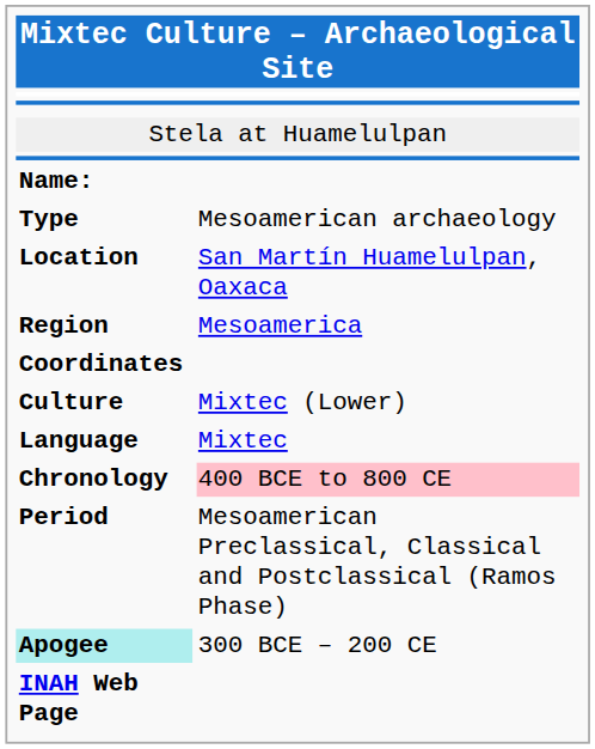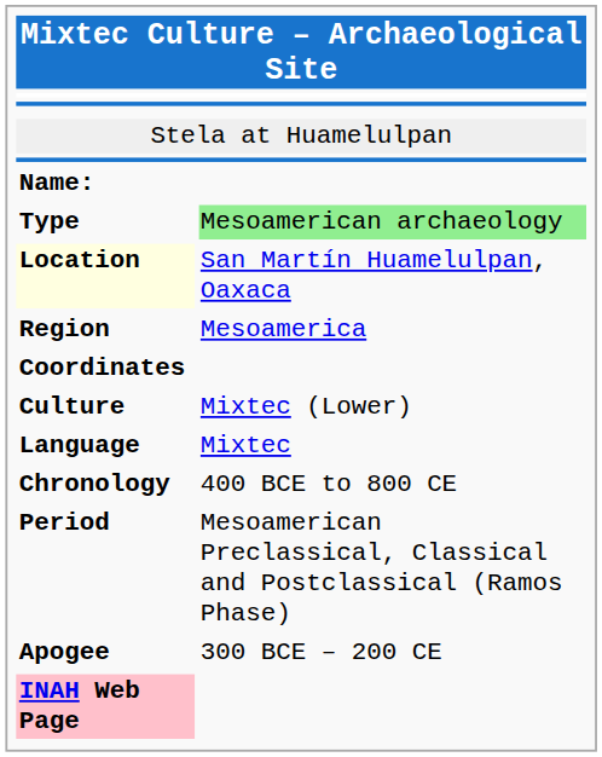 <table class="infobox" style="font-size:90%; text-align:left; width:23.5em">
 <tr>
 <th colspan="3" style="background-color:#1874CD; color:white; font-size: larger; text-align:center;">Mixtec Culture – Archaeological Site</th>
 </tr>
 <tr style="vertical-align: top; text-align: center;">
 <td colspan=3 bgcolor="#FFFFFF" align="center"></td>
 </tr>
 <tr>
 <td colspan="2" bgcolor=#1874CD></td>
 </tr>
 <tr>
 <td colspan=2></td>
 </tr>
 <tr>
 <td style="background:#efefef; text-align:center;" colspan="2"> Stela at Huamelulpan</td>
 </tr>
 <tr>
 <td colspan="2" bgcolor=#1874CD></td>
 </tr>
 <tr>
 <td><strong>Name:</strong></td>
 <td></td>
 </tr>
 <tr>
 <td><strong>Type</strong></td>
-<td>Mesoamerican archaeology</td>
+<td style="background: lightgreen;">Mesoamerican archaeology</td>
 </tr>
 <tr>
-<td><strong>Location</strong></td>
+<td style="background: lightyellow;"><strong>Location</strong></td>
 <td><a href='#'>San Martín Huamelulpan</a>, <a href='#'>Oaxaca</a><br></td>
 </tr>
 <tr>
 <td><strong>Region</strong></td>
 <td><a href='#'>Mesoamerica</a></td>
 </tr>
 <tr>
 <td><strong>Coordinates</strong></td>
 <td></td>
 </tr>
 <tr>
 <td><strong>Culture</strong></td>
 <td><a href='#'>Mixtec</a>  (Lower)</td>
 </tr>
 <tr>
 <td><strong>Language</strong></td>
 <td><a href='#'>Mixtec</a></td>
 </tr>
 <tr>
 <td><strong>Chronology</strong></td>
-<td style="background: pink;">400 BCE to 800 CE</td>
+<td>400 BCE to 800 CE</td>
 </tr>
 <tr>
 <td><strong>Period</strong></td>
 <td>Mesoamerican Preclassical, Classical and Postclassical (Ramos Phase)</td>
 </tr>
 <tr>
-<td style="background: paleturquoise;"><strong>Apogee</strong></td>
+<td><strong>Apogee</strong></td>
 <td>300 BCE – 200 CE</td>
 </tr>
 <tr>
-<td><strong><a href='#'>INAH</a> Web Page</strong></td>
+<td style="background: pink;"><strong><a href='#'>INAH</a> Web Page</strong></td>
 <td><br></td>
 </tr>
 </table>
